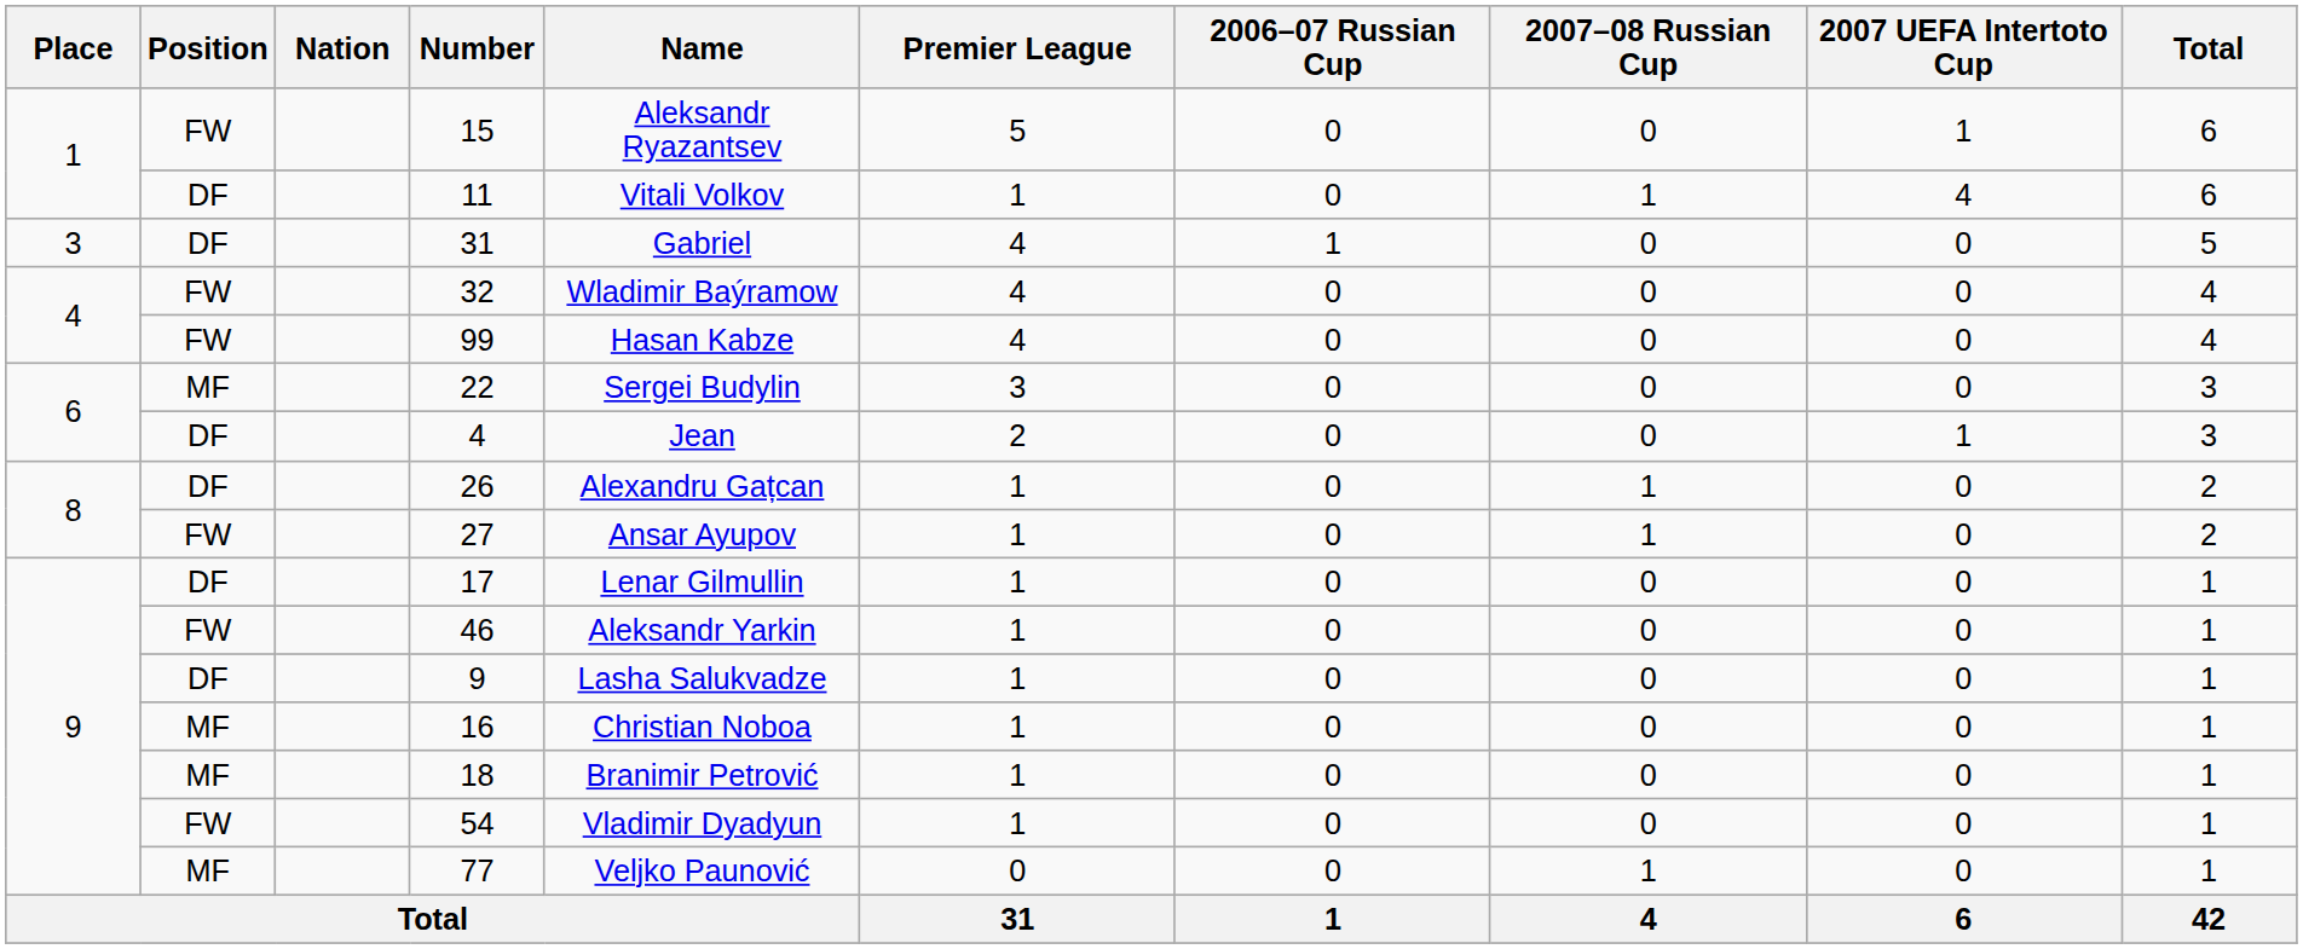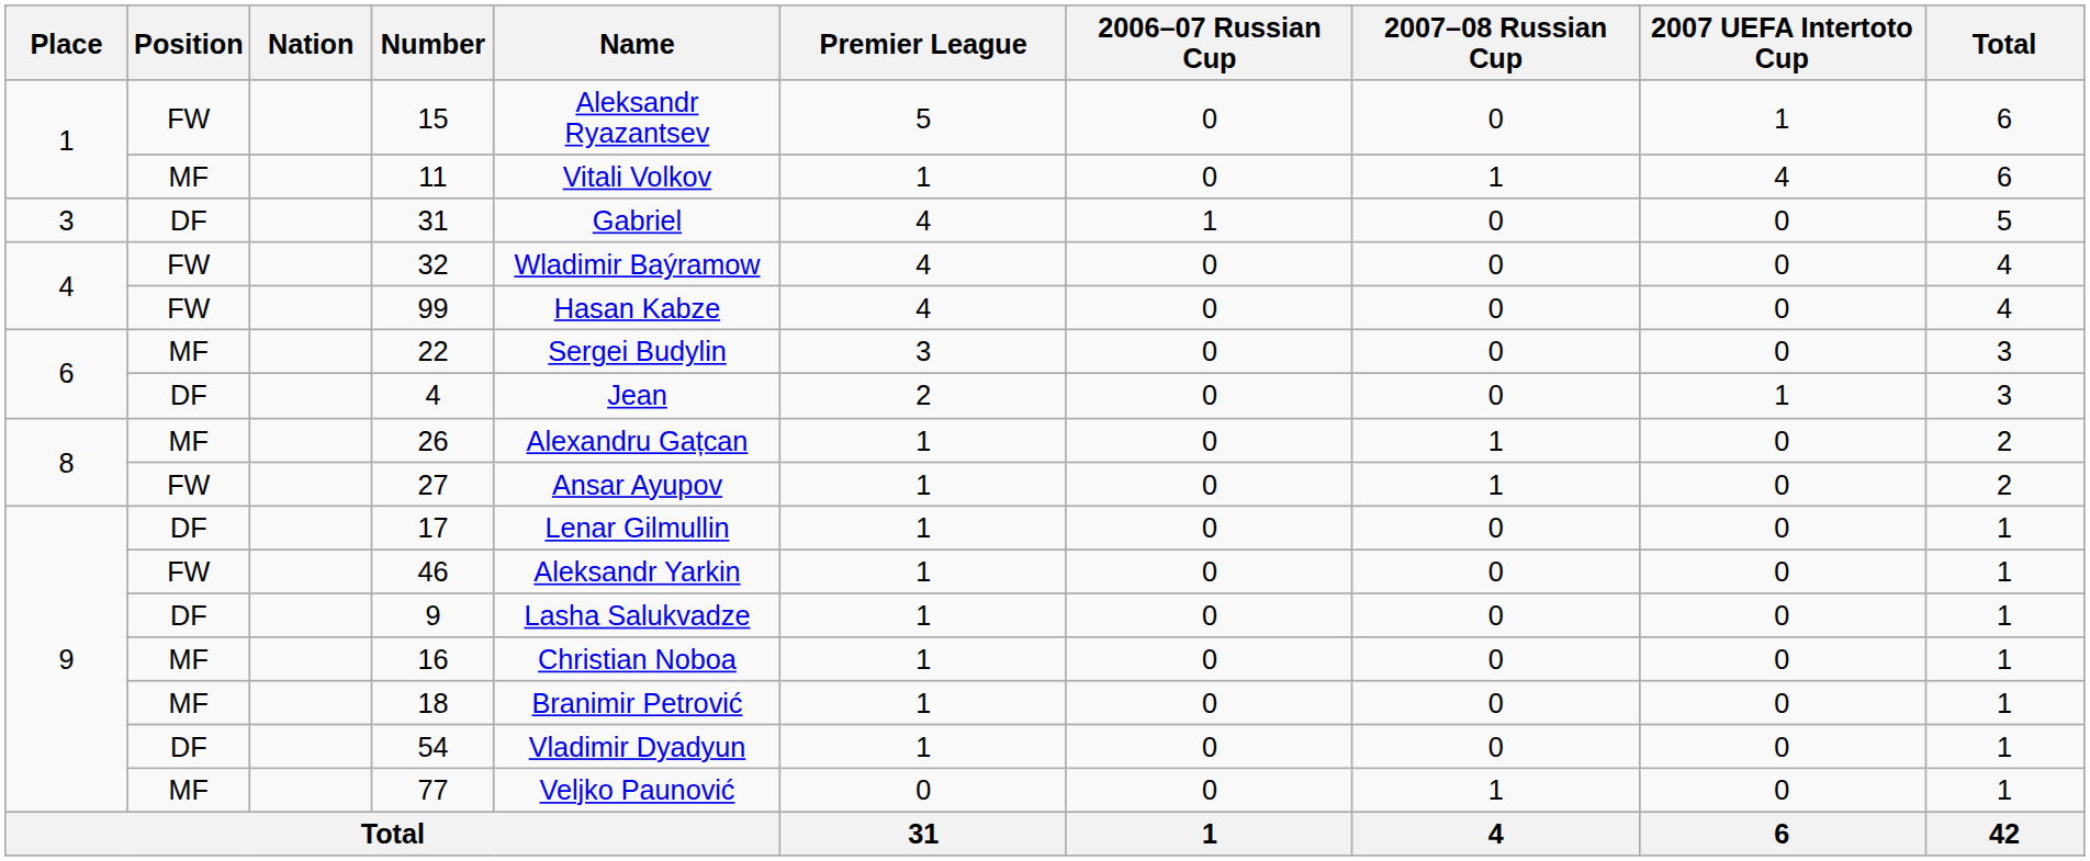 <table class="wikitable" style="font-size: 95%; text-align: center;">
 <tr>
 <th width=60>Place</th>
 <th width=60>Position</th>
 <th width=60>Nation</th>
 <th width=60>Number</th>
 <th width=150>Name</th>
 <th width=150>Premier League</th>
 <th width=150>2006–07 Russian Cup</th>
 <th width=150>2007–08 Russian Cup</th>
 <th width=150>2007 UEFA Intertoto Cup</th>
 <th width=80>Total</th>
 </tr>
 <tr>
 <td rowspan="2">1</td>
 <td>FW</td>
 <td></td>
 <td>15</td>
 <td><a href='#'>Aleksandr Ryazantsev</a></td>
 <td>5</td>
 <td>0</td>
 <td>0</td>
 <td>1</td>
 <td>6</td>
 </tr>
 <tr>
-<td>DF</td>
+<td>MF</td>
 <td></td>
 <td>11</td>
 <td><a href='#'>Vitali Volkov</a></td>
 <td>1</td>
 <td>0</td>
 <td>1</td>
 <td>4</td>
 <td>6</td>
 </tr>
 <tr>
 <td>3</td>
 <td>DF</td>
 <td></td>
 <td>31</td>
 <td><a href='#'>Gabriel</a></td>
 <td>4</td>
 <td>1</td>
 <td>0</td>
 <td>0</td>
 <td>5</td>
 </tr>
 <tr>
 <td rowspan="2">4</td>
 <td>FW</td>
 <td></td>
 <td>32</td>
 <td><a href='#'>Wladimir Baýramow</a></td>
 <td>4</td>
 <td>0</td>
 <td>0</td>
 <td>0</td>
 <td>4</td>
 </tr>
 <tr>
 <td>FW</td>
 <td></td>
 <td>99</td>
 <td><a href='#'>Hasan Kabze</a></td>
 <td>4</td>
 <td>0</td>
 <td>0</td>
 <td>0</td>
 <td>4</td>
 </tr>
 <tr>
 <td rowspan="2">6</td>
 <td>MF</td>
 <td></td>
 <td>22</td>
 <td><a href='#'>Sergei Budylin</a></td>
 <td>3</td>
 <td>0</td>
 <td>0</td>
 <td>0</td>
 <td>3</td>
 </tr>
 <tr>
 <td>DF</td>
 <td></td>
 <td>4</td>
 <td><a href='#'>Jean</a></td>
 <td>2</td>
 <td>0</td>
 <td>0</td>
 <td>1</td>
 <td>3</td>
 </tr>
 <tr>
 <td rowspan="2">8</td>
-<td>DF</td>
+<td>MF</td>
 <td></td>
 <td>26</td>
 <td><a href='#'>Alexandru Gațcan</a></td>
 <td>1</td>
 <td>0</td>
 <td>1</td>
 <td>0</td>
 <td>2</td>
 </tr>
 <tr>
 <td>FW</td>
 <td></td>
 <td>27</td>
 <td><a href='#'>Ansar Ayupov</a></td>
 <td>1</td>
 <td>0</td>
 <td>1</td>
 <td>0</td>
 <td>2</td>
 </tr>
 <tr>
 <td rowspan="7">9</td>
 <td>DF</td>
 <td></td>
 <td>17</td>
 <td><a href='#'>Lenar Gilmullin</a></td>
 <td>1</td>
 <td>0</td>
 <td>0</td>
 <td>0</td>
 <td>1</td>
 </tr>
 <tr>
 <td>FW</td>
 <td></td>
 <td>46</td>
 <td><a href='#'>Aleksandr Yarkin</a></td>
 <td>1</td>
 <td>0</td>
 <td>0</td>
 <td>0</td>
 <td>1</td>
 </tr>
 <tr>
 <td>DF</td>
 <td></td>
 <td>9</td>
 <td><a href='#'>Lasha Salukvadze</a></td>
 <td>1</td>
 <td>0</td>
 <td>0</td>
 <td>0</td>
 <td>1</td>
 </tr>
 <tr>
 <td>MF</td>
 <td></td>
 <td>16</td>
 <td><a href='#'>Christian Noboa</a></td>
 <td>1</td>
 <td>0</td>
 <td>0</td>
 <td>0</td>
 <td>1</td>
 </tr>
 <tr>
 <td>MF</td>
 <td></td>
 <td>18</td>
 <td><a href='#'>Branimir Petrović</a></td>
 <td>1</td>
 <td>0</td>
 <td>0</td>
 <td>0</td>
 <td>1</td>
 </tr>
 <tr>
-<td>FW</td>
+<td>DF</td>
 <td></td>
 <td>54</td>
 <td><a href='#'>Vladimir Dyadyun</a></td>
 <td>1</td>
 <td>0</td>
 <td>0</td>
 <td>0</td>
 <td>1</td>
 </tr>
 <tr>
 <td>MF</td>
 <td></td>
 <td>77</td>
 <td><a href='#'>Veljko Paunović</a></td>
 <td>0</td>
 <td>0</td>
 <td>1</td>
 <td>0</td>
 <td>1</td>
 </tr>
 <tr>
 <th colspan=5>Total</th>
 <th>31</th>
 <th>1</th>
 <th>4</th>
 <th>6</th>
 <th>42</th>
 </tr>
 </table>
